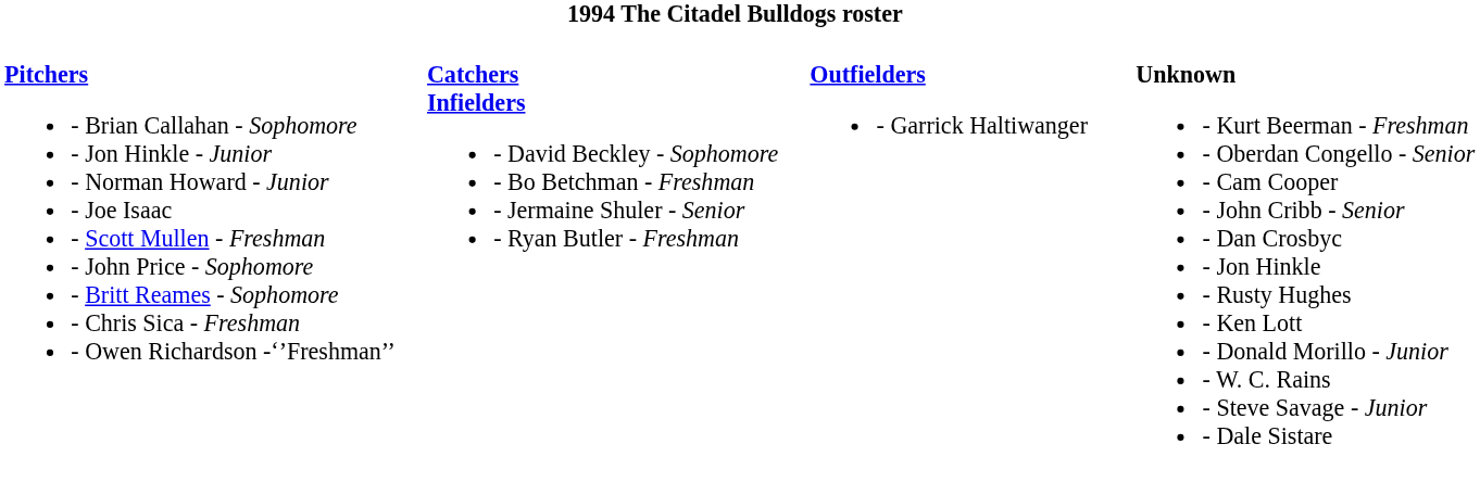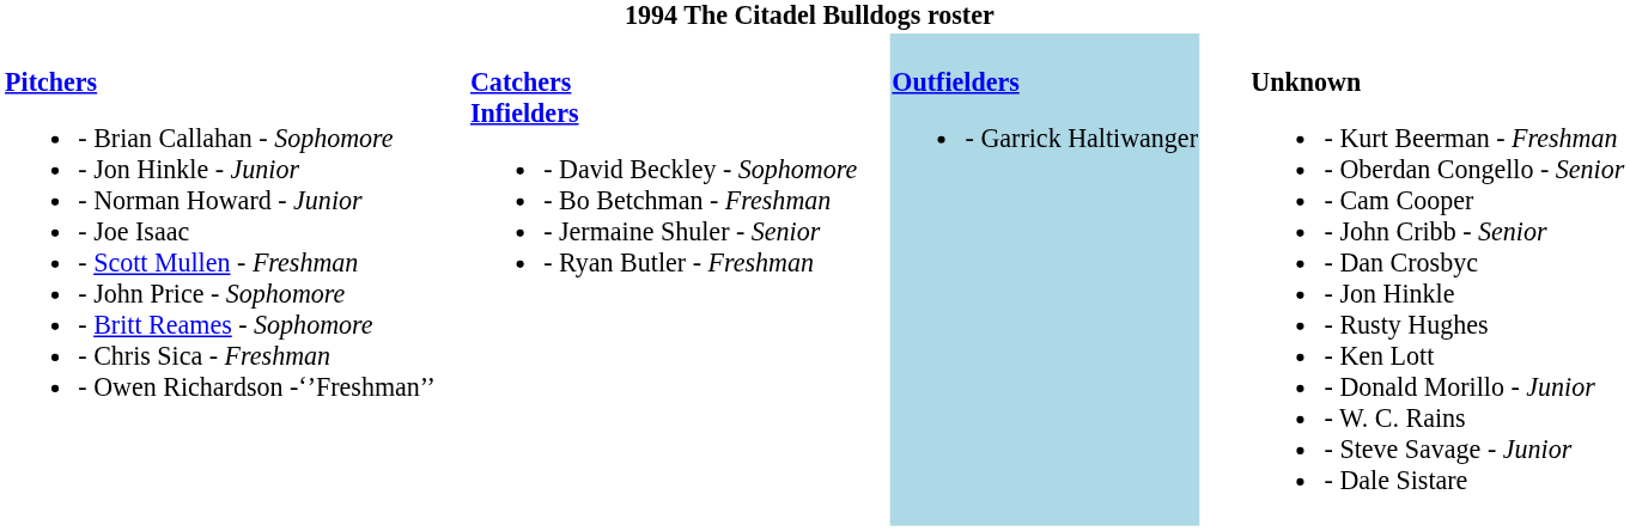 <table class="toccolours" style="border-collapse:collapse; font-size:90%;">
 <tr>
 <th colspan="9">1994 The Citadel Bulldogs roster</th>
 </tr>
 <tr>
 <td width="03"> </td>
 <td valign="top"><br><strong><a href='#'>Pitchers</a></strong><ul><li>- Brian Callahan - <em>Sophomore</em></li><li>- Jon Hinkle - <em>Junior</em></li><li>- Norman Howard - <em>Junior</em></li><li>- Joe Isaac</li><li>- <a href='#'>Scott Mullen</a> - <em>Freshman</em></li><li>- John Price - <em>Sophomore</em></li><li>- <a href='#'>Britt Reames</a> - <em>Sophomore</em></li><li>- Chris Sica - <em>Freshman</em></li><li>- Owen Richardson -‘’Freshman’’</li></ul></td>
 <td width="15"> </td>
 <td valign="top"><br><strong><a href='#'>Catchers</a></strong><br><strong><a href='#'>Infielders</a></strong><ul><li>- David Beckley - <em>Sophomore</em></li><li>- Bo Betchman - <em>Freshman</em></li><li>- Jermaine Shuler - <em>Senior</em></li><li>- Ryan Butler - <em>Freshman</em></li></ul></td>
 <td width="15"> </td>
-<td valign="top"><br><strong><a href='#'>Outfielders</a></strong><ul><li>- Garrick Haltiwanger</li></ul></td>
+<td valign="top" style="background: lightblue;"><br><strong><a href='#'>Outfielders</a></strong><ul><li>- Garrick Haltiwanger</li></ul></td>
 <td width="25"> </td>
 <td valign="top"><br><strong>Unknown</strong><ul><li>- Kurt Beerman - <em>Freshman</em></li><li>- Oberdan Congello - <em>Senior</em></li><li>- Cam Cooper</li><li>- John Cribb - <em>Senior</em></li><li>- Dan Crosbyc</li><li>- Jon Hinkle</li><li>- Rusty Hughes</li><li>- Ken Lott</li><li>- Donald Morillo - <em>Junior</em></li><li>- W. C. Rains</li><li>- Steve Savage - <em>Junior</em></li><li>- Dale Sistare</li></ul></td>
 </tr>
 </table>
